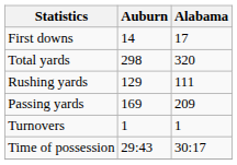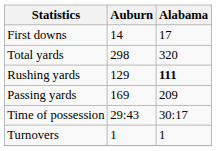 <table class="wikitable" style="float: left;">
 <tr>
 <th>Statistics</th>
 <th>Auburn</th>
 <th>Alabama</th>
 </tr>
 <tr>
 <td>First downs</td>
 <td>14</td>
 <td>17</td>
 </tr>
 <tr>
 <td>Total yards</td>
 <td>298</td>
 <td>320</td>
 </tr>
 <tr>
 <td>Rushing yards</td>
 <td>129</td>
-<td>111</td>
+<td><strong>111</strong></td>
 </tr>
 <tr>
 <td>Passing yards</td>
 <td>169</td>
 <td>209</td>
 </tr>
 <tr>
+<td>Time of possession</td>
+<td>29:43</td>
+<td>30:17</td>
+</tr>
+<tr>
 <td>Turnovers</td>
 <td>1</td>
 <td>1</td>
 </tr>
 <tr>
-<td>Time of possession</td>
-<td>29:43</td>
-<td>30:17</td>
-</tr>
-<tr>
 </tr>
 </table>
